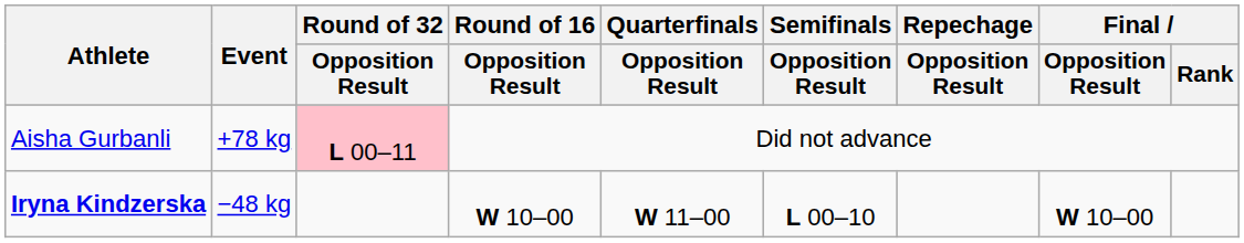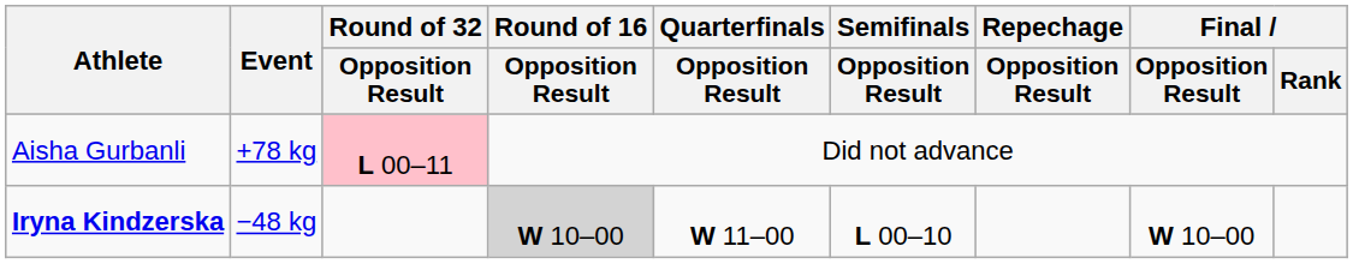 <table class="wikitable" style="font-size:90%">
 <tr>
 <th rowspan="2">Athlete</th>
 <th rowspan="2">Event</th>
 <th>Round of 32</th>
 <th>Round of 16</th>
 <th>Quarterfinals</th>
 <th>Semifinals</th>
 <th>Repechage</th>
 <th colspan=2>Final / </th>
 </tr>
 <tr style="font-size:95%">
 <th>Opposition<br>Result</th>
 <th>Opposition<br>Result</th>
 <th>Opposition<br>Result</th>
 <th>Opposition<br>Result</th>
 <th>Opposition<br>Result</th>
 <th>Opposition<br>Result</th>
 <th>Rank</th>
 </tr>
 <tr align=center>
 <td align=left><a href='#'>Aisha Gurbanli</a></td>
 <td align=left><a href='#'>+78 kg</a></td>
 <td style="background: pink;"><br><strong>L</strong> 00–11</td>
 <td colspan=6>Did not advance</td>
 </tr>
 <tr align=center>
 <td align=left><strong><a href='#'>Iryna Kindzerska</a></strong></td>
 <td align=left><a href='#'>−48 kg</a></td>
 <td></td>
-<td><br><strong>W</strong> 10–00</td>
+<td style="background: lightgrey;"><br><strong>W</strong> 10–00</td>
 <td><br><strong>W</strong> 11–00</td>
 <td><br><strong>L</strong> 00–10</td>
 <td></td>
 <td><br><strong>W</strong> 10–00</td>
 <td></td>
 </tr>
 </table>
